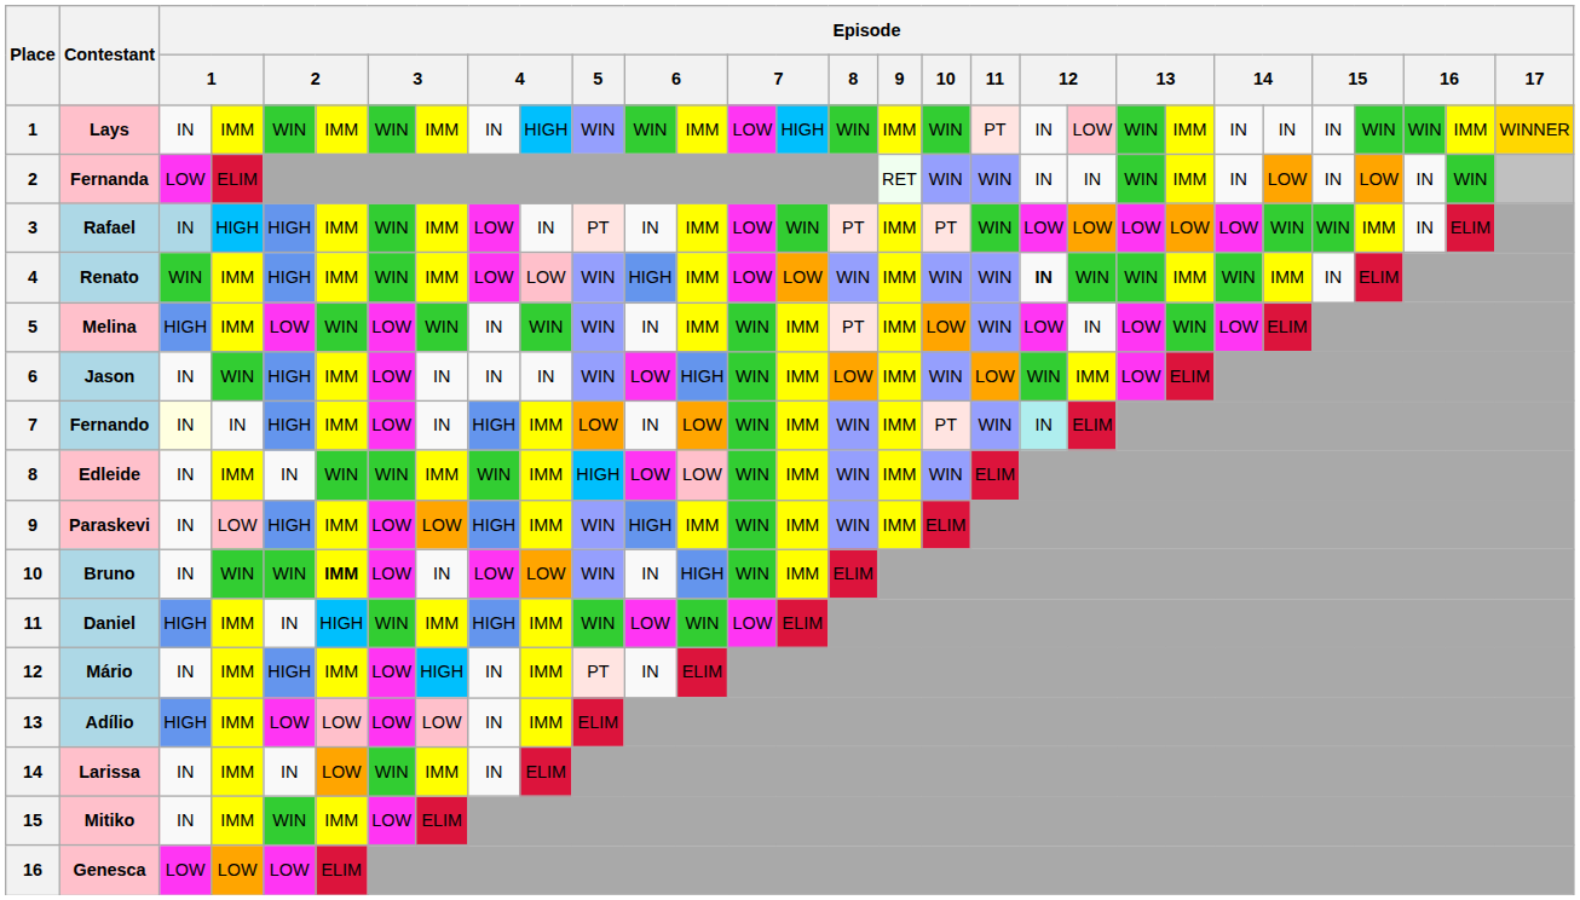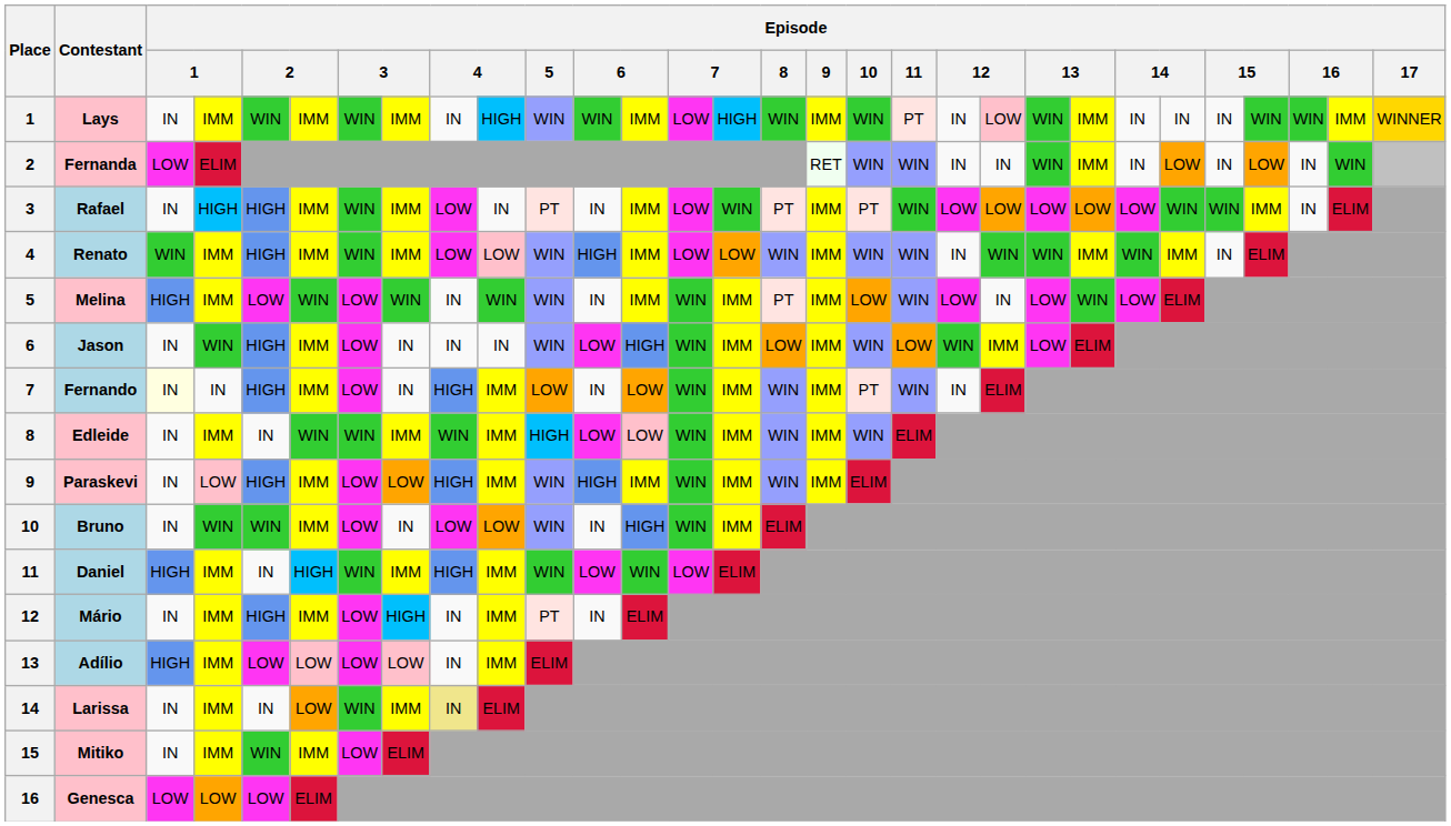 <table class="wikitable" style="text-align: center; font-size: 8pt; line-height:25px;">
 <tr>
 <th rowspan=2>Place</th>
 <th rowspan=2>Contestant</th>
 <th colspan="28">Episode</th>
 </tr>
 <tr>
 <th colspan=2>1</th>
 <th colspan=2>2</th>
 <th colspan=2>3</th>
 <th colspan=2>4</th>
 <th>5</th>
 <th colspan=2>6</th>
 <th colspan=2>7</th>
 <th>8</th>
 <th>9</th>
 <th>10</th>
 <th>11</th>
 <th colspan=2>12</th>
 <th colspan=2>13</th>
 <th colspan=2>14</th>
 <th colspan=2>15</th>
 <th colspan=2>16</th>
 <th>17</th>
 </tr>
 <tr>
 <th>1</th>
 <td bgcolor="FFC0CB"><strong>Lays</strong></td>
 <td>IN</td>
 <td bgcolor="FFFF00">IMM</td>
 <td bgcolor="32CD32">WIN</td>
 <td bgcolor="FFFF00">IMM</td>
 <td bgcolor="32CD32">WIN</td>
 <td bgcolor="FFFF00">IMM</td>
 <td>IN</td>
 <td bgcolor="00bffd">HIGH</td>
 <td bgcolor="959FFD">WIN</td>
 <td bgcolor="32CD32">WIN</td>
 <td bgcolor="FFFF00">IMM</td>
 <td bgcolor="FF35F3">LOW</td>
 <td bgcolor="00bffd">HIGH</td>
 <td bgcolor="32CD32">WIN</td>
 <td bgcolor="FFFF00">IMM</td>
 <td bgcolor="32CD32">WIN</td>
 <td bgcolor="FFE4E1">PT</td>
 <td>IN</td>
 <td bgcolor="FFC0CB">LOW</td>
 <td bgcolor="32CD32">WIN</td>
 <td bgcolor="FFFF00">IMM</td>
 <td>IN</td>
 <td>IN</td>
 <td>IN</td>
 <td bgcolor="32CD32">WIN</td>
 <td bgcolor="32CD32">WIN</td>
 <td bgcolor="FFFF00">IMM</td>
 <td bgcolor="#FFD700">WINNER</td>
 </tr>
 <tr>
 <th>2</th>
 <td bgcolor="FFC0CB"><strong>Fernanda</strong></td>
 <td bgcolor="FF35F3">LOW</td>
 <td bgcolor="crimson">ELIM</td>
 <td colspan="12" bgcolor="A9A9A9"></td>
 <td bgcolor="#F0FFF0">RET</td>
 <td bgcolor="959FFD">WIN</td>
 <td bgcolor="959FFD">WIN</td>
 <td>IN</td>
 <td>IN</td>
 <td bgcolor="32CD32">WIN</td>
 <td bgcolor="FFFF00">IMM</td>
 <td>IN</td>
 <td bgcolor="FFA500">LOW</td>
 <td>IN</td>
 <td bgcolor="FFA500">LOW</td>
 <td>IN</td>
 <td bgcolor="32CD32">WIN</td>
 <td bgcolor="#C0C0C0"></td>
 </tr>
 <tr>
 <th>3</th>
 <td bgcolor="ADD8E6"><strong>Rafael</strong></td>
-<td style="background: lightblue;">IN</td>
+<td>IN</td>
 <td bgcolor="00bffd">HIGH</td>
 <td bgcolor="6495ED">HIGH</td>
 <td bgcolor="FFFF00">IMM</td>
 <td bgcolor="32CD32">WIN</td>
 <td bgcolor=FFFF00>IMM</td>
 <td bgcolor="FF35F3">LOW</td>
 <td>IN</td>
 <td bgcolor="FFE4E1">PT</td>
 <td>IN</td>
 <td bgcolor="FFFF00">IMM</td>
 <td bgcolor="FF35F3">LOW</td>
 <td bgcolor="32CD32">WIN</td>
 <td bgcolor="FFE4E1">PT</td>
 <td bgcolor="FFFF00">IMM</td>
 <td bgcolor="FFE4E1">PT</td>
 <td bgcolor="32CD32">WIN</td>
 <td bgcolor="FF35F3">LOW</td>
 <td bgcolor="FFA500">LOW</td>
 <td bgcolor="FF35F3">LOW</td>
 <td bgcolor="FFA500">LOW</td>
 <td bgcolor="FF35F3">LOW</td>
 <td bgcolor="32CD32">WIN</td>
 <td bgcolor="32CD32">WIN</td>
 <td bgcolor="FFFF00">IMM</td>
 <td>IN</td>
 <td bgcolor="crimson">ELIM</td>
 <td bgcolor="A9A9A9"></td>
 </tr>
 <tr>
 <th>4</th>
 <td bgcolor="ADD8E6"><strong>Renato</strong></td>
 <td bgcolor="32CD32">WIN</td>
 <td bgcolor="FFFF00">IMM</td>
 <td bgcolor="6495ED">HIGH</td>
 <td bgcolor="FFFF00">IMM</td>
 <td bgcolor="32CD32">WIN</td>
 <td bgcolor=FFFF00>IMM</td>
 <td bgcolor="FF35F3">LOW</td>
 <td bgcolor="FFC0CB">LOW</td>
 <td bgcolor="959FFD">WIN</td>
 <td bgcolor="6495ED">HIGH</td>
 <td bgcolor=FFFF00>IMM</td>
 <td bgcolor="FF35F3">LOW</td>
 <td bgcolor="FFA500">LOW</td>
 <td bgcolor="959FFD">WIN</td>
 <td bgcolor="FFFF00">IMM</td>
 <td bgcolor="959FFD">WIN</td>
 <td bgcolor="959FFD">WIN</td>
-<td><strong>IN</strong></td>
+<td>IN</td>
 <td bgcolor="32CD32">WIN</td>
 <td bgcolor="32CD32">WIN</td>
 <td bgcolor="FFFF00">IMM</td>
 <td bgcolor="32CD32">WIN</td>
 <td bgcolor="FFFF00">IMM</td>
 <td>IN</td>
 <td bgcolor="crimson">ELIM</td>
 <td colspan="3" bgcolor="A9A9A9"></td>
 </tr>
 <tr>
 <th>5</th>
 <td bgcolor="FFC0CB"><strong>Melina</strong></td>
 <td bgcolor="6495ED">HIGH</td>
 <td bgcolor="FFFF00">IMM</td>
 <td bgcolor="FF35F3">LOW</td>
 <td bgcolor="32CD32">WIN</td>
 <td bgcolor="FF35F3">LOW</td>
 <td bgcolor="32CD32">WIN</td>
 <td>IN</td>
 <td bgcolor="32CD32">WIN</td>
 <td bgcolor="959FFD">WIN</td>
 <td>IN</td>
 <td bgcolor="FFFF00">IMM</td>
 <td bgcolor="32CD32">WIN</td>
 <td bgcolor="FFFF00">IMM</td>
 <td bgcolor="FFE4E1">PT</td>
 <td bgcolor="FFFF00">IMM</td>
 <td bgcolor="FFA500">LOW</td>
 <td bgcolor="959FFD">WIN</td>
 <td bgcolor="FF35F3">LOW</td>
 <td>IN</td>
 <td bgcolor="FF35F3">LOW</td>
 <td bgcolor="32CD32">WIN</td>
 <td bgcolor="FF35F3">LOW</td>
 <td bgcolor="crimson">ELIM</td>
 <td colspan="5" bgcolor="A9A9A9"></td>
 </tr>
 <tr>
 <th>6</th>
 <td bgcolor="ADD8E6"><strong>Jason</strong></td>
 <td>IN</td>
 <td bgcolor="32CD32">WIN</td>
 <td bgcolor="6495ED">HIGH</td>
 <td bgcolor="FFFF00">IMM</td>
 <td bgcolor="FF35F3">LOW</td>
 <td>IN</td>
 <td>IN</td>
 <td>IN</td>
 <td bgcolor="959FFD">WIN</td>
 <td bgcolor="FF35F3">LOW</td>
 <td bgcolor="6495ED">HIGH</td>
 <td bgcolor="32CD32">WIN</td>
 <td bgcolor="FFFF00">IMM</td>
 <td bgcolor="FFA500">LOW</td>
 <td bgcolor="FFFF00">IMM</td>
 <td bgcolor="959FFD">WIN</td>
 <td bgcolor="FFA500">LOW</td>
 <td bgcolor="32CD32">WIN</td>
 <td bgcolor="FFFF00">IMM</td>
 <td bgcolor="FF35F3">LOW</td>
 <td bgcolor="crimson">ELIM</td>
 <td colspan="7" bgcolor="A9A9A9"></td>
 </tr>
 <tr>
 <th>7</th>
 <td bgcolor="ADD8E6"><strong>Fernando</strong></td>
 <td style="background: lightyellow;">IN</td>
 <td>IN</td>
 <td bgcolor="6495ED">HIGH</td>
 <td bgcolor="FFFF00">IMM</td>
 <td bgcolor="FF35F3">LOW</td>
 <td>IN</td>
 <td bgcolor="6495ED">HIGH</td>
 <td bgcolor="FFFF00">IMM</td>
 <td bgcolor="FFA500">LOW</td>
 <td>IN</td>
 <td bgcolor="FFA500">LOW</td>
 <td bgcolor="32CD32">WIN</td>
 <td bgcolor="FFFF00">IMM</td>
 <td bgcolor="959FFD">WIN</td>
 <td bgcolor="FFFF00">IMM</td>
 <td bgcolor="FFE4E1">PT</td>
 <td bgcolor="959FFD">WIN</td>
-<td style="background: paleturquoise;">IN</td>
+<td>IN</td>
 <td bgcolor="crimson">ELIM</td>
 <td colspan="9" bgcolor="A9A9A9"></td>
 </tr>
 <tr>
 <th>8</th>
 <td bgcolor="FFC0CB"><strong>Edleide</strong></td>
 <td>IN</td>
 <td bgcolor="FFFF00">IMM</td>
 <td>IN</td>
 <td bgcolor="32CD32">WIN</td>
 <td bgcolor="32CD32">WIN</td>
 <td bgcolor="FFFF00">IMM</td>
 <td bgcolor="32CD32">WIN</td>
 <td bgcolor="FFFF00">IMM</td>
 <td bgcolor="00bffd">HIGH</td>
 <td bgcolor="FF35F3">LOW</td>
 <td bgcolor="FFC0CB">LOW</td>
 <td bgcolor="32CD32">WIN</td>
 <td bgcolor="FFFF00">IMM</td>
 <td bgcolor="959FFD">WIN</td>
 <td bgcolor="FFFF00">IMM</td>
 <td bgcolor="959FFD">WIN</td>
 <td bgcolor="crimson">ELIM</td>
 <td colspan="11" bgcolor="A9A9A9"></td>
 </tr>
 <tr>
 <th>9</th>
 <td bgcolor="FFC0CB"><strong>Paraskevi</strong></td>
 <td>IN</td>
 <td bgcolor="FFC0CB">LOW</td>
 <td bgcolor="6495ED">HIGH</td>
 <td bgcolor="FFFF00">IMM</td>
 <td bgcolor="FF35F3">LOW</td>
 <td bgcolor="FFA500">LOW</td>
 <td bgcolor="6495ED">HIGH</td>
 <td bgcolor="FFFF00">IMM</td>
 <td bgcolor="959FFD">WIN</td>
 <td bgcolor="6495ED">HIGH</td>
 <td bgcolor="FFFF00">IMM</td>
 <td bgcolor="32CD32">WIN</td>
 <td bgcolor="FFFF00">IMM</td>
 <td bgcolor="959FFD">WIN</td>
 <td bgcolor="FFFF00">IMM</td>
 <td bgcolor="crimson">ELIM</td>
 <td colspan="12" bgcolor="A9A9A9"></td>
 </tr>
 <tr>
 <th>10</th>
 <td bgcolor="ADD8E6"><strong>Bruno</strong></td>
 <td>IN</td>
 <td bgcolor="32CD32">WIN</td>
 <td bgcolor="32CD32">WIN</td>
-<td bgcolor="FFFF00"><strong>IMM</strong></td>
+<td bgcolor="FFFF00">IMM</td>
 <td bgcolor="FF35F3">LOW</td>
 <td>IN</td>
 <td bgcolor="FF35F3">LOW</td>
 <td bgcolor="FFA500">LOW</td>
 <td bgcolor="959FFD">WIN</td>
 <td>IN</td>
 <td bgcolor="6495ED">HIGH</td>
 <td bgcolor="32CD32">WIN</td>
 <td bgcolor="FFFF00">IMM</td>
 <td bgcolor="crimson">ELIM</td>
 <td colspan="14" bgcolor="A9A9A9"></td>
 </tr>
 <tr>
 <th>11</th>
 <td bgcolor="ADD8E6"><strong>Daniel</strong></td>
 <td bgcolor="6495ED">HIGH</td>
 <td bgcolor="FFFF00">IMM</td>
 <td>IN</td>
 <td bgcolor="00bffd">HIGH</td>
 <td bgcolor="32CD32">WIN</td>
 <td bgcolor="FFFF00">IMM</td>
 <td bgcolor="6495ED">HIGH</td>
 <td bgcolor="FFFF00">IMM</td>
 <td bgcolor="32CD32">WIN</td>
 <td bgcolor="FF35F3">LOW</td>
 <td bgcolor="32CD32">WIN</td>
 <td bgcolor="FF35F3">LOW</td>
 <td bgcolor="crimson">ELIM</td>
 <td colspan="15" bgcolor="A9A9A9"></td>
 </tr>
 <tr>
 <th>12</th>
 <td bgcolor="ADD8E6"><strong>Mário</strong></td>
 <td>IN</td>
 <td bgcolor="FFFF00">IMM</td>
 <td bgcolor="6495ED">HIGH</td>
 <td bgcolor="FFFF00">IMM</td>
 <td bgcolor="FF35F3">LOW</td>
 <td bgcolor="00bffd">HIGH</td>
 <td>IN</td>
 <td bgcolor="FFFF00">IMM</td>
 <td bgcolor="FFE4E1">PT</td>
 <td>IN</td>
 <td bgcolor="crimson">ELIM</td>
 <td colspan="17" bgcolor="A9A9A9"></td>
 </tr>
 <tr>
 <th>13</th>
 <td bgcolor="ADD8E6"><strong>Adílio</strong></td>
 <td bgcolor="6495ED">HIGH</td>
 <td bgcolor="FFFF00">IMM</td>
 <td bgcolor="FF35F3">LOW</td>
 <td bgcolor="FFC0CB">LOW</td>
 <td bgcolor="FF35F3">LOW</td>
 <td bgcolor="FFC0CB">LOW</td>
 <td>IN</td>
 <td bgcolor="FFFF00">IMM</td>
 <td bgcolor="crimson">ELIM</td>
 <td colspan="19" bgcolor="A9A9A9"></td>
 </tr>
 <tr>
 <th>14</th>
 <td bgcolor="FFC0CB"><strong>Larissa</strong></td>
 <td>IN</td>
 <td bgcolor="FFFF00">IMM</td>
 <td>IN</td>
 <td bgcolor="FFA500">LOW</td>
 <td bgcolor="32CD32">WIN</td>
 <td bgcolor="FFFF00">IMM</td>
-<td>IN</td>
+<td style="background: khaki;">IN</td>
 <td bgcolor="crimson">ELIM</td>
 <td colspan="20" bgcolor="A9A9A9"></td>
 </tr>
 <tr>
 <th>15</th>
 <td bgcolor="FFC0CB"><strong>Mitiko</strong></td>
 <td>IN</td>
 <td bgcolor="FFFF00">IMM</td>
 <td bgcolor="32CD32">WIN</td>
 <td bgcolor=FFFF00>IMM</td>
 <td bgcolor="FF35F3">LOW</td>
 <td bgcolor="crimson">ELIM</td>
 <td colspan="22" bgcolor="A9A9A9"></td>
 </tr>
 <tr>
 <th>16</th>
 <td bgcolor="FFC0CB"><strong>Genesca</strong></td>
 <td bgcolor="FF35F3">LOW</td>
 <td bgcolor="FFA500">LOW</td>
 <td bgcolor="FF35F3">LOW</td>
 <td bgcolor="crimson">ELIM</td>
 <td colspan="24" bgcolor="A9A9A9"></td>
 </tr>
 </table>
